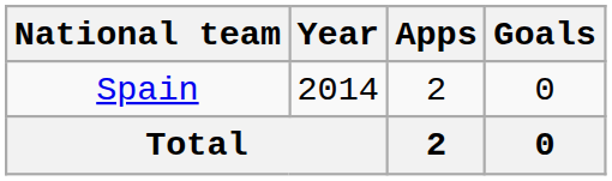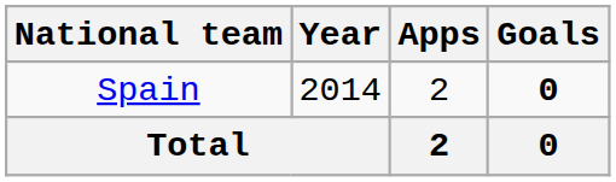 <table class="wikitable" style="text-align:center">
 <tr>
 <th>National team</th>
 <th>Year</th>
 <th>Apps</th>
 <th>Goals</th>
 </tr>
 <tr>
 <td><a href='#'>Spain</a></td>
 <td>2014</td>
 <td>2</td>
-<td>0</td>
+<td><strong>0</strong></td>
 </tr>
 <tr>
 <th colspan="2">Total</th>
 <th>2</th>
 <th>0</th>
 </tr>
 </table>
